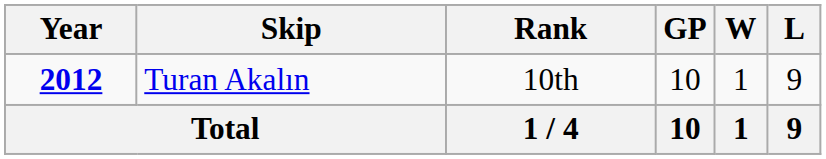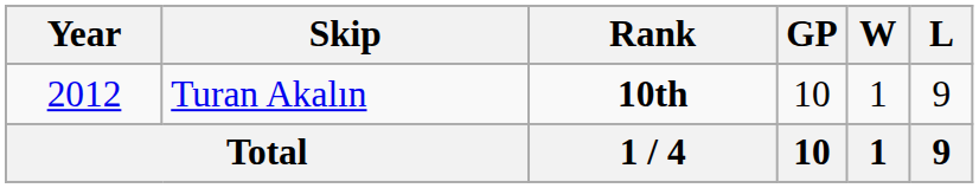 <table class="wikitable" style="text-align: center;">
 <tr>
 <th width="60">Year</th>
 <th width="150">Skip</th>
 <th width="100">Rank</th>
 <th width="20">GP</th>
 <th width="20">W</th>
 <th width="20">L</th>
 </tr>
 <tr>
-<td><strong> <a href='#'>2012</a></strong></td>
+<td> <a href='#'>2012</a></td>
 <td align=left><a href='#'>Turan Akalın</a></td>
-<td>10th</td>
+<td><strong>10th</strong></td>
 <td>10</td>
 <td>1</td>
 <td>9</td>
 </tr>
 <tr>
 <th colspan=2>Total</th>
 <th>1 / 4</th>
 <th>10</th>
 <th>1</th>
 <th>9</th>
 </tr>
 </table>
